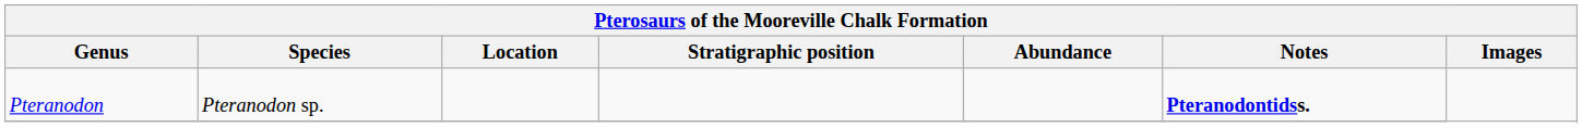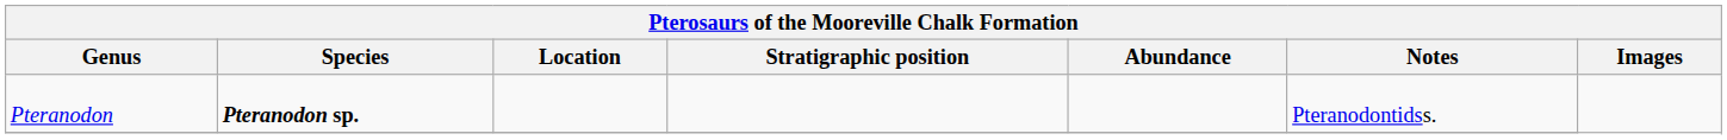 <table class="wikitable" align="center" width="100%">
 <tr>
 <th colspan="7" align="center"><strong><a href='#'>Pterosaurs</a> of the Mooreville Chalk Formation</strong></th>
 </tr>
 <tr>
 <th>Genus</th>
 <th>Species</th>
 <th>Location</th>
 <th>Stratigraphic position</th>
 <th>Abundance</th>
 <th>Notes</th>
 <th>Images</th>
 </tr>
 <tr>
 <td><br><em><a href='#'>Pteranodon</a></em></td>
-<td><br><em>Pteranodon</em> sp.</td>
+<td><strong><br><em>Pteranodon</em> sp.</strong></td>
 <td></td>
 <td></td>
 <td></td>
-<td><strong><br><a href='#'>Pteranodontids</a>s.</strong></td>
+<td><br><a href='#'>Pteranodontids</a>s.</td>
 <td rowspan="99"><br></td>
 </tr>
 <tr>
 </tr>
 </table>
